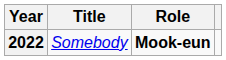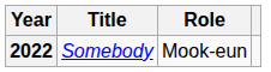 <table class="wikitable plainrowheaders">
 <tr>
 <th scope="col">Year</th>
 <th scope="col">Title</th>
 <th scope="col">Role</th>
 <th scope="col" class="unsortable"></th>
 </tr>
 <tr>
 <th scope="row">2022</th>
 <td><em><a href='#'>Somebody</a></em></td>
-<td><strong>Mook-eun</strong></td>
+<td>Mook-eun</td>
 <td style="text-align:center"></td>
 </tr>
 <tr>
 </tr>
 </table>
